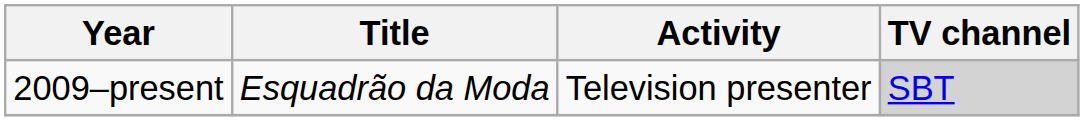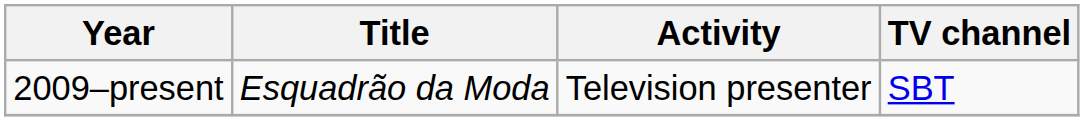 <table class="wikitable" style="font-size: 90%;">
 <tr>
 <th>Year</th>
 <th>Title</th>
 <th>Activity</th>
 <th>TV channel</th>
 </tr>
 <tr>
 <td>2009–present</td>
 <td><em>Esquadrão da Moda</em></td>
 <td>Television presenter</td>
-<td style="background: lightgrey;"><a href='#'>SBT</a></td>
+<td><a href='#'>SBT</a></td>
 </tr>
 <tr>
 </tr>
 </table>
